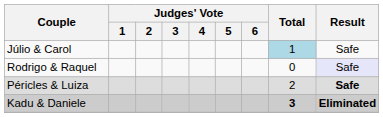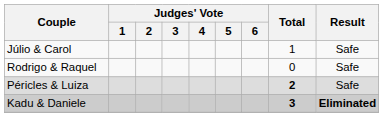 <table class="wikitable" style="text-align:center;">
 <tr>
 <th rowspan=2 width="140">Couple</th>
 <th colspan=6 width="180">Judges' Vote</th>
 <th rowspan=2 width="060">Total</th>
 <th rowspan=2 width="060">Result</th>
 </tr>
 <tr>
 <th width="30">1</th>
 <th width="30">2</th>
 <th width="30">3</th>
 <th width="30">4</th>
 <th width="30">5</th>
 <th width="30">6</th>
 </tr>
 <tr>
 <td align="left">Júlio & Carol</td>
 <td></td>
 <td></td>
 <td></td>
 <td></td>
 <td></td>
 <td></td>
-<td style="background: lightblue;">1</td>
+<td>1</td>
 <td>Safe</td>
 </tr>
 <tr>
 <td align="left">Rodrigo & Raquel</td>
 <td></td>
 <td></td>
 <td></td>
 <td></td>
 <td></td>
 <td></td>
 <td>0</td>
-<td style="background: lavender;">Safe</td>
+<td>Safe</td>
 </tr>
 <tr bgcolor="DDDDDD">
 <td align="left">Péricles & Luiza</td>
 <td></td>
 <td></td>
 <td></td>
 <td></td>
 <td></td>
 <td></td>
-<td>2</td>
-<td><strong>Safe</strong></td>
+<td><strong>2</strong></td>
+<td>Safe</td>
 </tr>
 <tr bgcolor="CCCCCC">
 <td align="left">Kadu & Daniele</td>
 <td></td>
 <td></td>
 <td></td>
 <td></td>
 <td></td>
 <td></td>
 <td><strong>3</strong></td>
 <td><strong>Eliminated</strong></td>
 </tr>
 <tr>
 </tr>
 </table>
